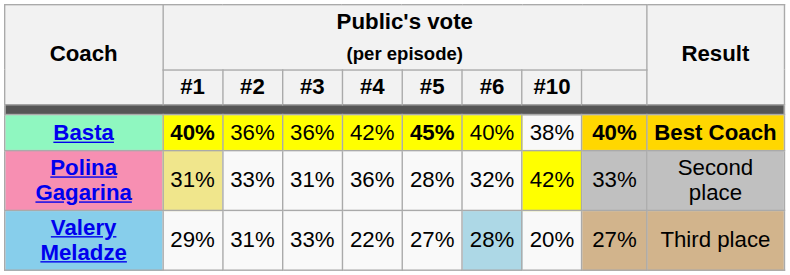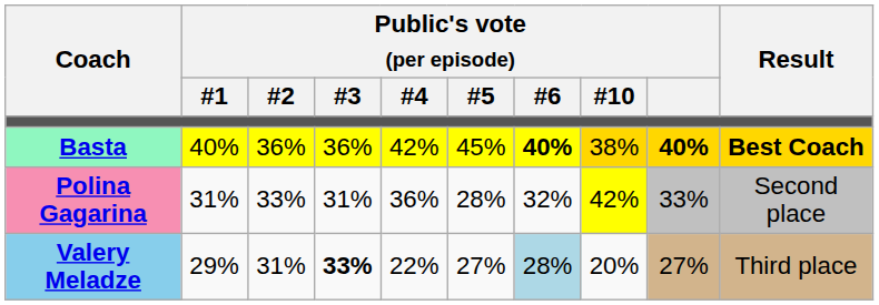 <table class="wikitable sortable" style="text-align:center; width:90%;">
 <tr>
 <th rowspan=2 style="width:10%;">Coach</th>
 <th colspan=8 style="width:10%;">Public's vote<br><sub>(per episode)</sub></th>
 <th rowspan=2 style="width:10%;">Result</th>
 </tr>
 <tr>
 <th style="width:1%;">#1</th>
 <th style="width:1%;">#2</th>
 <th style="width:1%;">#3</th>
 <th style="width:1%;">#4</th>
 <th style="width:1%;">#5</th>
 <th style="width:1%;">#6</th>
 <th style="width:1%;">#10</th>
 <th style="width:2%;"></th>
 </tr>
 <tr>
 <td colspan="16" style="background:#555;"></td>
 </tr>
 <tr>
 <th style="background:#8ff7c0;"><a href='#'>Basta</a></th>
-<td style="background:yellow;"><strong>40%</strong></td>
+<td style="background:yellow;">40%</td>
 <td style="background:yellow;">36%</td>
 <td style="background:yellow;">36%</td>
 <td style="background:yellow;">42%</td>
-<td style="background:yellow;"><strong>45%</strong></td>
-<td style="background:yellow;">40%</td>
-<td>38%</td>
+<td style="background:yellow;">45%</td>
+<td style="background:yellow;"><strong>40%</strong></td>
+<td style="background: gold;">38%</td>
 <td style="background:gold;"><strong>40%</strong></td>
 <td style="background:gold;"><strong>Best Coach</strong></td>
 </tr>
 <tr>
 <th style="background:#f78fb2;"><a href='#'>Polina Gagarina</a></th>
-<td style="background: khaki;">31%</td>
+<td>31%</td>
 <td>33%</td>
 <td>31%</td>
 <td>36%</td>
 <td>28%</td>
 <td>32%</td>
 <td style="background:yellow;">42%</td>
 <td style="background:silver;">33%</td>
 <td style="background:silver;">Second place</td>
 </tr>
 <tr>
 <th style="background:#87ceeb;"><a href='#'>Valery Meladze</a></th>
 <td>29%</td>
 <td>31%</td>
-<td>33%</td>
+<td><strong>33%</strong></td>
 <td>22%</td>
 <td>27%</td>
 <td style="background: lightblue;">28%</td>
 <td>20%</td>
 <td style="background:tan;">27%</td>
 <td style="background:tan;">Third place</td>
 </tr>
 </table>
